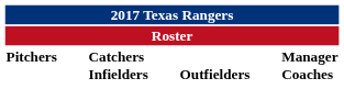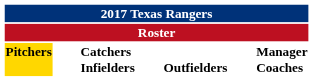 <table class="toccolours" style="font-size: 95%;">
 <tr>
 <th colspan="10" style="background:#003279; color:#fff; text-align:center;">2017 Texas Rangers</th>
 </tr>
 <tr>
 <td colspan="10" style="background:#bd1021; color:white; text-align:center;"><strong>Roster</strong></td>
 </tr>
 <tr>
-<td valign="top"><strong>Pitchers</strong><br>                             </td>
+<td valign="top" style="background: gold;"><strong>Pitchers</strong><br>                             </td>
 <td style="width:25px;"></td>
 <td valign="top"><strong>Catchers</strong><br>    <strong>Infielders</strong>         </td>
 <td width="25px"></td>
 <td valign="top"><br><strong>Outfielders</strong>        </td>
 <td style="width:25px;"></td>
 <td valign="top"><strong>Manager</strong><br> <strong>Coaches</strong>                  </td>
 </tr>
 </table>
